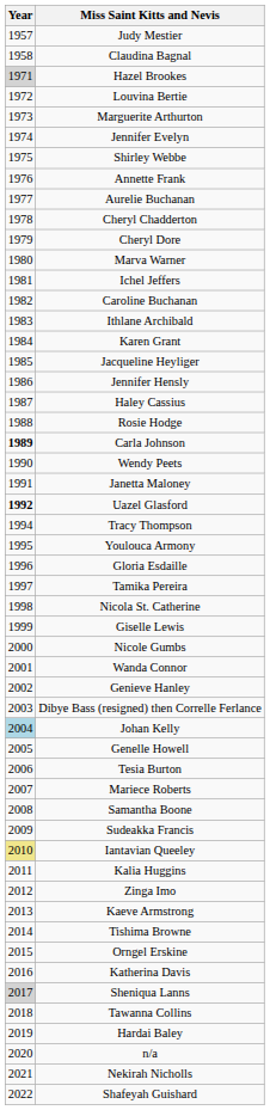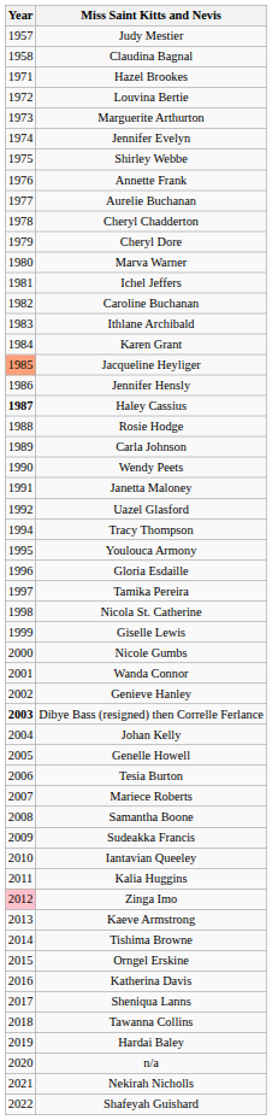 <table class="wikitable sortable" style="font-size: 95%; text-align:center">
 <tr>
 <th>Year</th>
 <th>Miss Saint Kitts and Nevis</th>
 </tr>
 <tr>
 <td>1957</td>
 <td>Judy Mestier</td>
 </tr>
 <tr>
 <td>1958</td>
 <td>Claudina Bagnal</td>
 </tr>
 <tr>
-<td style="background: lightgrey;">1971</td>
+<td>1971</td>
 <td>Hazel Brookes</td>
 </tr>
 <tr>
 <td>1972</td>
 <td>Louvina Bertie</td>
 </tr>
 <tr>
 <td>1973</td>
 <td>Marguerite Arthurton</td>
 </tr>
 <tr>
 <td>1974</td>
 <td>Jennifer Evelyn</td>
 </tr>
 <tr>
 <td>1975</td>
 <td>Shirley Webbe</td>
 </tr>
 <tr>
 <td>1976</td>
 <td>Annette Frank</td>
 </tr>
 <tr>
 <td>1977</td>
 <td>Aurelie Buchanan</td>
 </tr>
 <tr>
 <td>1978</td>
 <td>Cheryl Chadderton</td>
 </tr>
 <tr>
 <td>1979</td>
 <td>Cheryl Dore</td>
 </tr>
 <tr>
 <td>1980</td>
 <td>Marva Warner</td>
 </tr>
 <tr>
 <td>1981</td>
 <td>Ichel Jeffers</td>
 </tr>
 <tr>
 <td>1982</td>
 <td>Caroline Buchanan</td>
 </tr>
 <tr>
 <td>1983</td>
 <td>Ithlane Archibald</td>
 </tr>
 <tr>
 <td>1984</td>
 <td>Karen Grant</td>
 </tr>
 <tr>
-<td>1985</td>
+<td style="background: lightsalmon;">1985</td>
 <td>Jacqueline Heyliger</td>
 </tr>
 <tr>
 <td>1986</td>
 <td>Jennifer Hensly</td>
 </tr>
 <tr>
-<td>1987</td>
+<td><strong>1987</strong></td>
 <td>Haley Cassius</td>
 </tr>
 <tr>
 <td>1988</td>
 <td>Rosie Hodge</td>
 </tr>
 <tr>
-<td><strong>1989</strong></td>
+<td>1989</td>
 <td>Carla Johnson</td>
 </tr>
 <tr>
 <td>1990</td>
 <td>Wendy Peets</td>
 </tr>
 <tr>
 <td>1991</td>
 <td>Janetta Maloney</td>
 </tr>
 <tr>
-<td><strong>1992</strong></td>
+<td>1992</td>
 <td>Uazel Glasford</td>
 </tr>
 <tr>
 <td>1994</td>
 <td>Tracy Thompson</td>
 </tr>
 <tr>
 <td>1995</td>
 <td>Youlouca Armony</td>
 </tr>
 <tr>
 <td>1996</td>
 <td>Gloria Esdaille</td>
 </tr>
 <tr>
 <td>1997</td>
 <td>Tamika Pereira</td>
 </tr>
 <tr>
 <td>1998</td>
 <td>Nicola St. Catherine</td>
 </tr>
 <tr>
 <td>1999</td>
 <td>Giselle Lewis</td>
 </tr>
 <tr>
 <td>2000</td>
 <td>Nicole Gumbs</td>
 </tr>
 <tr>
 <td>2001</td>
 <td>Wanda Connor</td>
 </tr>
 <tr>
 <td>2002</td>
 <td>Genieve Hanley</td>
 </tr>
 <tr>
-<td>2003</td>
+<td><strong>2003</strong></td>
 <td>Dibye Bass (resigned) then Correlle Ferlance</td>
 </tr>
 <tr>
-<td style="background: lightblue;">2004</td>
+<td>2004</td>
 <td>Johan Kelly</td>
 </tr>
 <tr>
 <td>2005</td>
 <td>Genelle Howell</td>
 </tr>
 <tr>
 <td>2006</td>
 <td>Tesia Burton</td>
 </tr>
 <tr>
 <td>2007</td>
 <td>Mariece Roberts</td>
 </tr>
 <tr>
 <td>2008</td>
 <td>Samantha Boone</td>
 </tr>
 <tr>
 <td>2009</td>
 <td>Sudeakka Francis</td>
 </tr>
 <tr>
-<td style="background: khaki;">2010</td>
+<td>2010</td>
 <td>Iantavian Queeley</td>
 </tr>
 <tr>
 <td>2011</td>
 <td>Kalia Huggins</td>
 </tr>
 <tr>
-<td>2012</td>
+<td style="background: pink;">2012</td>
 <td>Zinga Imo</td>
 </tr>
 <tr>
 <td>2013</td>
 <td>Kaeve Armstrong</td>
 </tr>
 <tr>
 <td>2014</td>
 <td>Tishima Browne</td>
 </tr>
 <tr>
 <td>2015</td>
 <td>Orngel Erskine</td>
 </tr>
 <tr>
 <td>2016</td>
 <td>Katherina Davis</td>
 </tr>
 <tr>
-<td style="background: lightgrey;">2017</td>
+<td>2017</td>
 <td>Sheniqua Lanns</td>
 </tr>
 <tr>
 <td>2018</td>
 <td>Tawanna Collins</td>
 </tr>
 <tr>
 <td>2019</td>
 <td>Hardai Baley</td>
 </tr>
 <tr>
 <td>2020</td>
 <td>n/a</td>
 </tr>
 <tr>
 <td>2021</td>
 <td>Nekirah Nicholls</td>
 </tr>
 <tr>
 <td>2022</td>
 <td>Shafeyah Guishard</td>
 </tr>
 </table>
